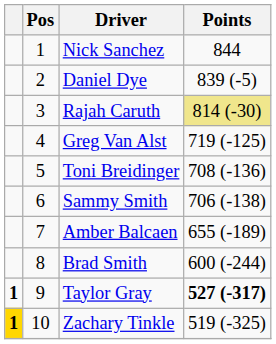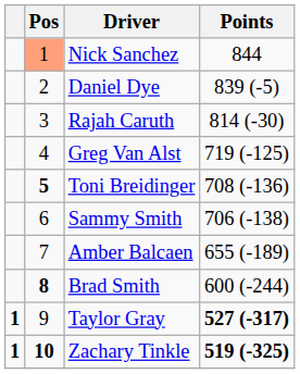 <table class="wikitable" style="font-size: 95%;">
 <tr>
 <th></th>
 <th>Pos</th>
 <th>Driver</th>
 <th>Points</th>
 </tr>
 <tr>
 <td align="left"></td>
-<td style="text-align:center;">1</td>
+<td style="background: lightsalmon; text-align:center;">1</td>
 <td><a href='#'>Nick Sanchez</a></td>
 <td style="text-align:center;">844</td>
 </tr>
 <tr>
 <td align="left"></td>
 <td style="text-align:center;">2</td>
 <td><a href='#'>Daniel Dye</a></td>
 <td style="text-align:center;">839 (-5)</td>
 </tr>
 <tr>
 <td align="left"></td>
 <td style="text-align:center;">3</td>
 <td><a href='#'>Rajah Caruth</a></td>
-<td style="background: khaki; text-align:center;">814 (-30)</td>
+<td style="text-align:center;">814 (-30)</td>
 </tr>
 <tr>
 <td align="left"></td>
 <td style="text-align:center;">4</td>
 <td><a href='#'>Greg Van Alst</a></td>
 <td style="text-align:center;">719 (-125)</td>
 </tr>
 <tr>
 <td align="left"></td>
-<td style="text-align:center;">5</td>
+<td style="text-align:center;"><strong>5</strong></td>
 <td><a href='#'>Toni Breidinger</a></td>
 <td style="text-align:center;">708 (-136)</td>
 </tr>
 <tr>
 <td align="left"></td>
 <td style="text-align:center;">6</td>
 <td><a href='#'>Sammy Smith</a></td>
 <td style="text-align:center;">706 (-138)</td>
 </tr>
 <tr>
 <td align="left"></td>
 <td style="text-align:center;">7</td>
 <td><a href='#'>Amber Balcaen</a></td>
 <td style="text-align:center;">655 (-189)</td>
 </tr>
 <tr>
 <td align="left"></td>
-<td style="text-align:center;">8</td>
+<td style="text-align:center;"><strong>8</strong></td>
 <td><a href='#'>Brad Smith</a></td>
 <td style="text-align:center;">600 (-244)</td>
 </tr>
 <tr>
 <td align="left"> <strong>1</strong></td>
 <td style="text-align:center;">9</td>
 <td><a href='#'>Taylor Gray</a></td>
 <td style="text-align:center;"><strong>527 (-317)</strong></td>
 </tr>
 <tr>
-<td align="left" style="background: gold;"> <strong>1</strong></td>
-<td style="text-align:center;">10</td>
+<td align="left"> <strong>1</strong></td>
+<td style="text-align:center;"><strong>10</strong></td>
 <td><a href='#'>Zachary Tinkle</a></td>
-<td style="text-align:center;">519 (-325)</td>
+<td style="text-align:center;"><strong>519 (-325)</strong></td>
 </tr>
 <tr class="sortbottom">
 </tr>
 </table>
